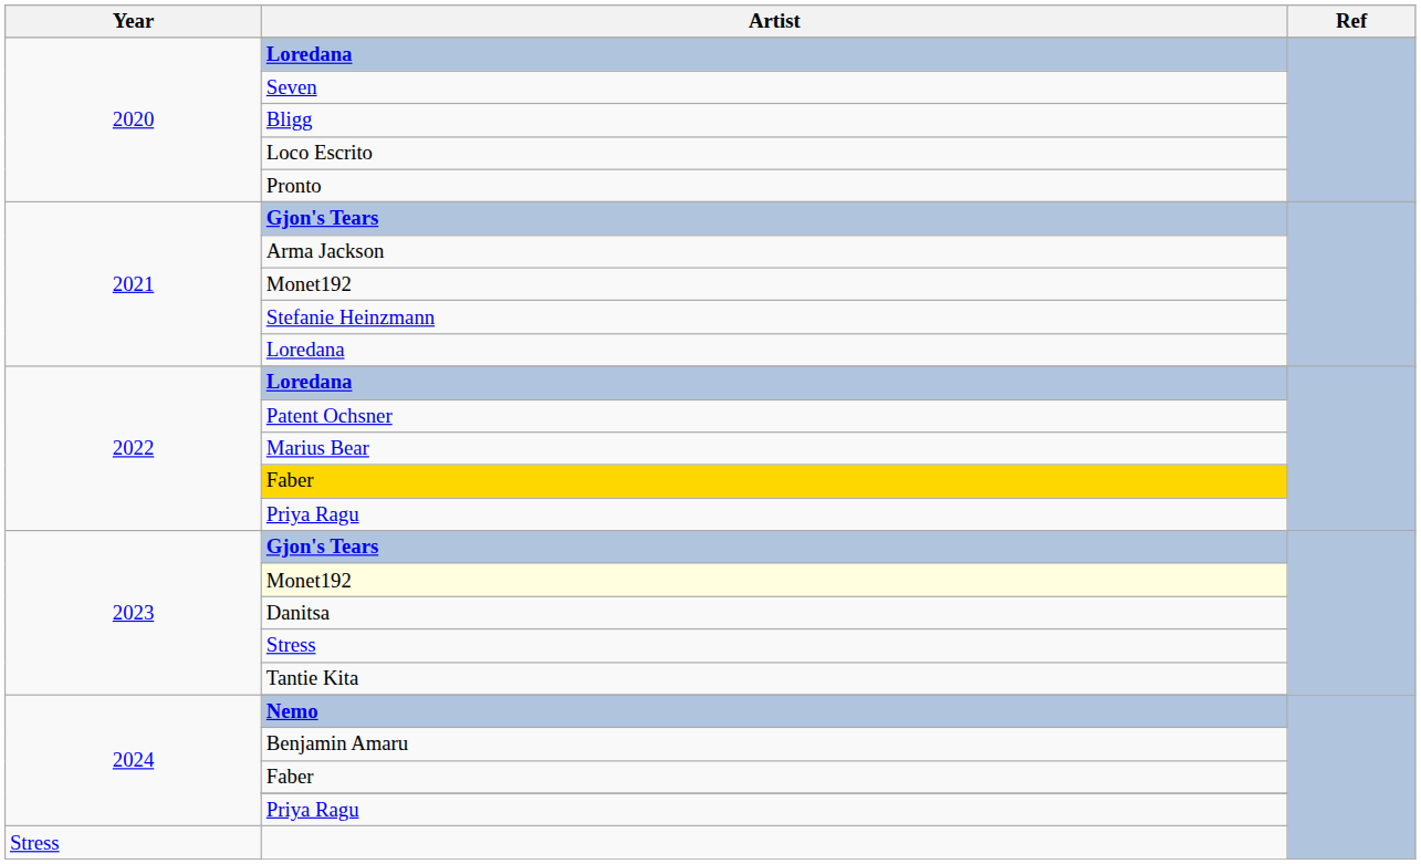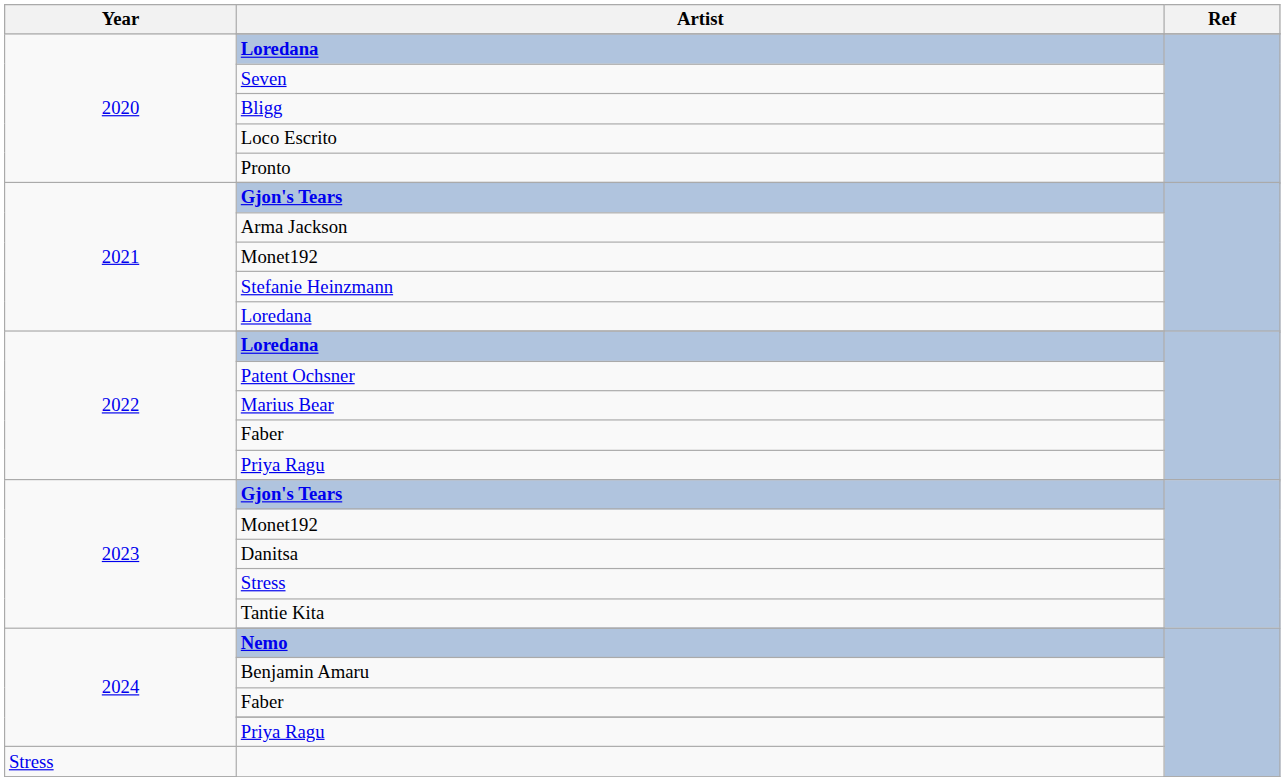 <table class="wikitable" style="width:55%;">
 <tr style="background:#bebebe;">
 <th style="width:10%;">Year</th>
 <th style="width:40%;">Artist</th>
 <th style="width:5%;">Ref</th>
 </tr>
 <tr>
 <td rowspan="6" align="center"><a href='#'>2020</a></td>
 </tr>
 <tr style="background:#B0C4DE">
 <td><strong><a href='#'>Loredana</a></strong></td>
 <td rowspan="6" align="center"></td>
 </tr>
 <tr>
 <td><a href='#'>Seven</a></td>
 </tr>
 <tr>
 <td><a href='#'>Bligg</a></td>
 </tr>
 <tr>
 <td>Loco Escrito</td>
 </tr>
 <tr>
 <td>Pronto</td>
 </tr>
 <tr>
 <td rowspan="6" align="center"><a href='#'>2021</a></td>
 </tr>
 <tr style="background:#B0C4DE">
 <td><strong><a href='#'>Gjon's Tears</a></strong></td>
 <td rowspan="6" align="center"></td>
 </tr>
 <tr>
 <td>Arma Jackson</td>
 </tr>
 <tr>
 <td>Monet192</td>
 </tr>
 <tr>
 <td><a href='#'>Stefanie Heinzmann</a></td>
 </tr>
 <tr>
 <td><a href='#'>Loredana</a></td>
 </tr>
 <tr>
 <td rowspan="6" align="center"><a href='#'>2022</a></td>
 </tr>
 <tr style="background:#B0C4DE">
 <td><a href='#'><strong>Loredana</strong></a></td>
 <td rowspan="6" align="center"></td>
 </tr>
 <tr>
 <td><a href='#'>Patent Ochsner</a></td>
 </tr>
 <tr>
 <td><a href='#'>Marius Bear</a></td>
 </tr>
 <tr>
-<td style="background: gold;">Faber</td>
+<td>Faber</td>
 </tr>
 <tr>
 <td><a href='#'>Priya Ragu</a></td>
 </tr>
 <tr>
 <td rowspan="6" align="center"><a href='#'>2023</a></td>
 </tr>
 <tr style="background:#B0C4DE">
 <td><strong><a href='#'>Gjon's Tears</a></strong></td>
 <td rowspan="6" align="center"></td>
 </tr>
 <tr>
-<td style="background: lightyellow;">Monet192</td>
+<td>Monet192</td>
 </tr>
 <tr>
 <td>Danitsa</td>
 </tr>
 <tr>
 <td><a href='#'>Stress</a></td>
 </tr>
 <tr>
 <td>Tantie Kita</td>
 </tr>
 <tr>
 <td rowspan="6" align="center"><a href='#'>2024</a></td>
 </tr>
 <tr style="background:#B0C4DE">
 <td><strong><a href='#'>Nemo</a></strong></td>
 <td rowspan="6" align="center"></td>
 </tr>
 <tr>
 <td>Benjamin Amaru</td>
 </tr>
 <tr>
 <td>Faber</td>
 </tr>
 <tr>
 </tr>
 <tr>
 <td><a href='#'>Priya Ragu</a></td>
 </tr>
 <tr>
 <td><a href='#'>Stress</a></td>
 </tr>
 <tr>
 </tr>
 </table>
